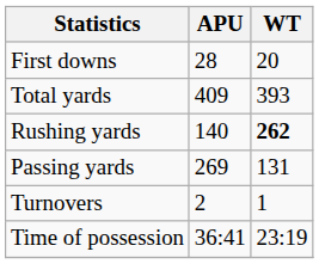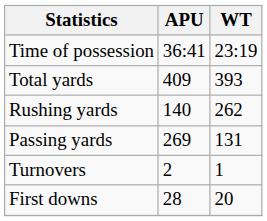 <table class="wikitable" style="float: left;">
 <tr>
 <th>Statistics</th>
 <th>APU</th>
 <th>WT</th>
 </tr>
 <tr>
-<td>First downs</td>
-<td>28</td>
-<td>20</td>
+<td>Time of possession</td>
+<td>36:41</td>
+<td>23:19</td>
 </tr>
 <tr>
 <td>Total yards</td>
 <td>409</td>
 <td>393</td>
 </tr>
 <tr>
 <td>Rushing yards</td>
 <td>140</td>
-<td><strong>262</strong></td>
+<td>262</td>
 </tr>
 <tr>
 <td>Passing yards</td>
 <td>269</td>
 <td>131</td>
 </tr>
 <tr>
 <td>Turnovers</td>
 <td>2</td>
 <td>1</td>
 </tr>
 <tr>
-<td>Time of possession</td>
-<td>36:41</td>
-<td>23:19</td>
+<td>First downs</td>
+<td>28</td>
+<td>20</td>
 </tr>
 <tr>
 </tr>
 </table>
